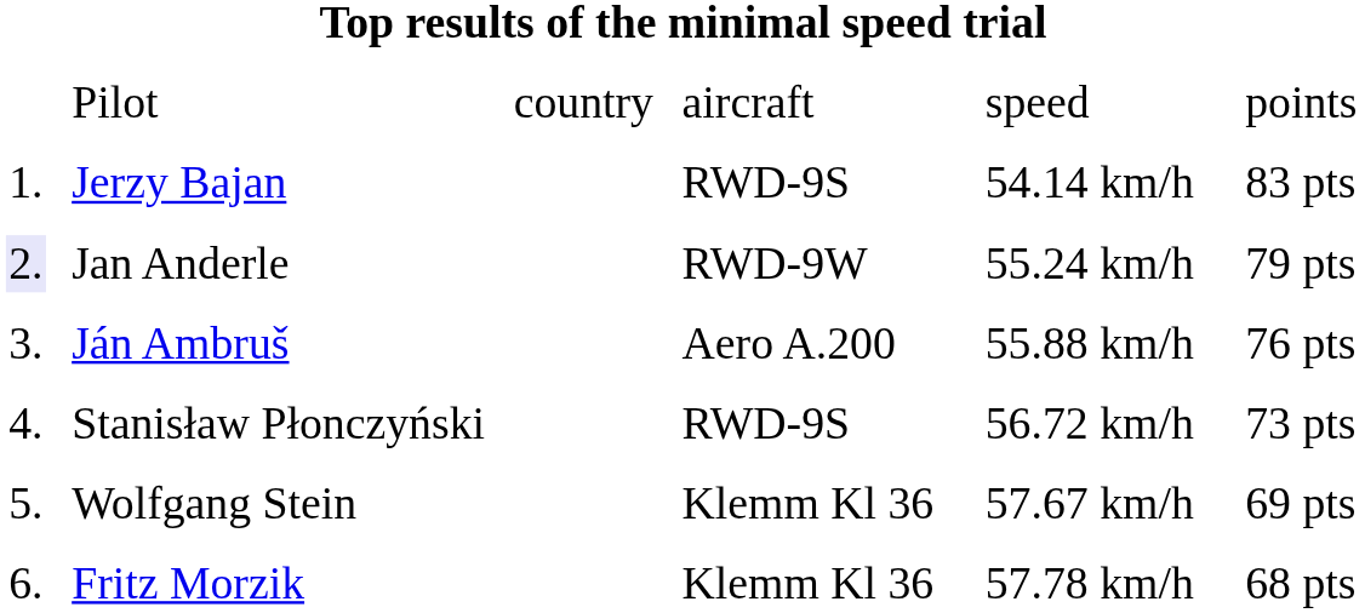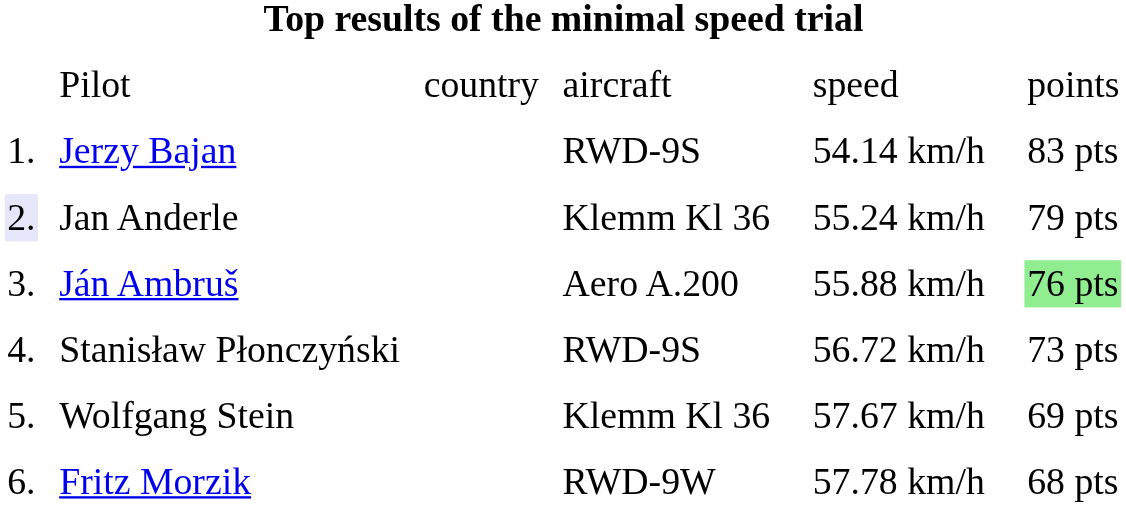 <table cellspacing=8>
 <tr>
 <th colspan=12>Top results of the minimal speed trial</th>
 </tr>
 <tr>
 <td> </td>
 <td>Pilot</td>
 <td>country</td>
 <td>aircraft</td>
 <td>speed</td>
 <td>points</td>
 </tr>
 <tr>
 <td>1.</td>
 <td><a href='#'>Jerzy Bajan</a></td>
 <td></td>
 <td>RWD-9S</td>
 <td>54.14 km/h</td>
 <td>83 pts</td>
 </tr>
 <tr>
 <td style="background: lavender;">2.</td>
 <td>Jan Anderle</td>
 <td>  </td>
-<td>RWD-9W</td>
+<td>Klemm Kl 36</td>
 <td>55.24 km/h  </td>
 <td>79 pts</td>
 </tr>
 <tr>
 <td>3.</td>
 <td><a href='#'>Ján Ambruš</a></td>
 <td></td>
 <td>Aero A.200</td>
 <td>55.88 km/h</td>
-<td>76 pts</td>
+<td style="background: lightgreen;">76 pts</td>
 </tr>
 <tr>
 <td>4.</td>
 <td>Stanisław Płonczyński</td>
 <td></td>
 <td>RWD-9S</td>
 <td>56.72 km/h</td>
 <td>73 pts</td>
 </tr>
 <tr>
 <td>5.</td>
 <td>Wolfgang Stein</td>
 <td></td>
 <td>Klemm Kl 36  </td>
 <td>57.67 km/h</td>
 <td>69 pts</td>
 </tr>
 <tr>
 <td>6.</td>
 <td><a href='#'>Fritz Morzik</a></td>
 <td></td>
-<td>Klemm Kl 36</td>
+<td>RWD-9W</td>
 <td>57.78 km/h</td>
 <td>68 pts</td>
 </tr>
 </table>
